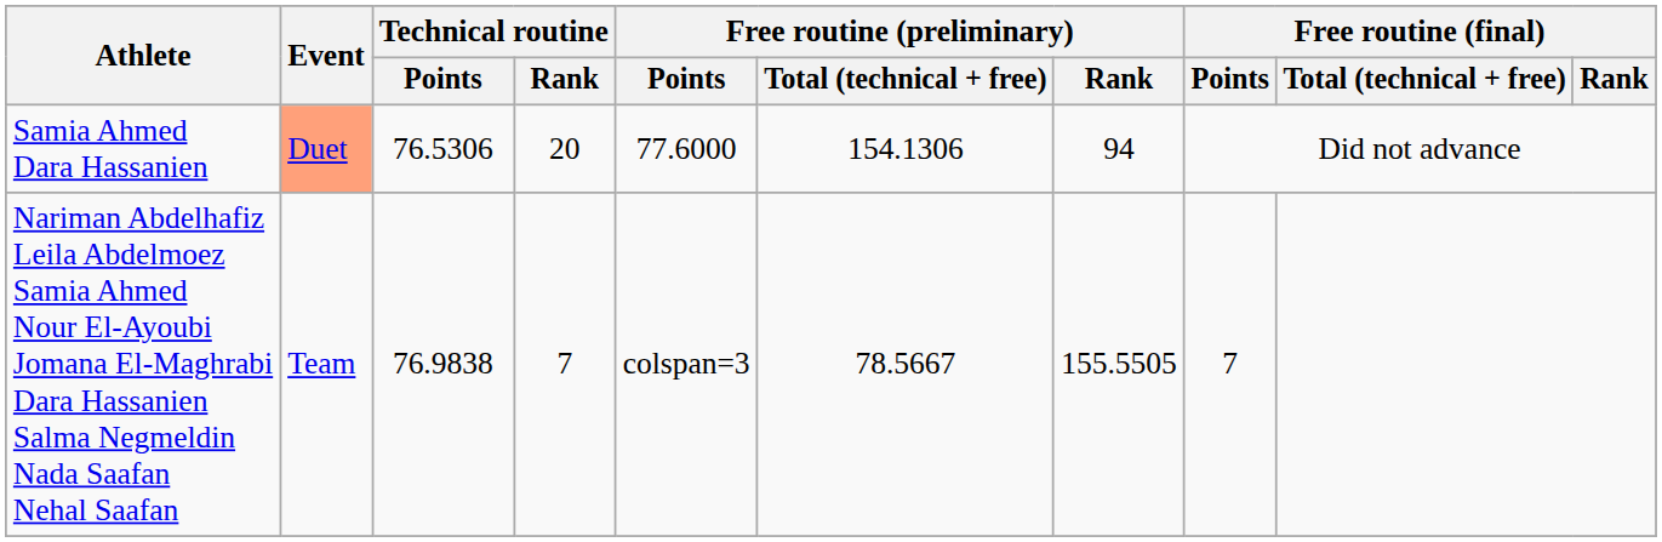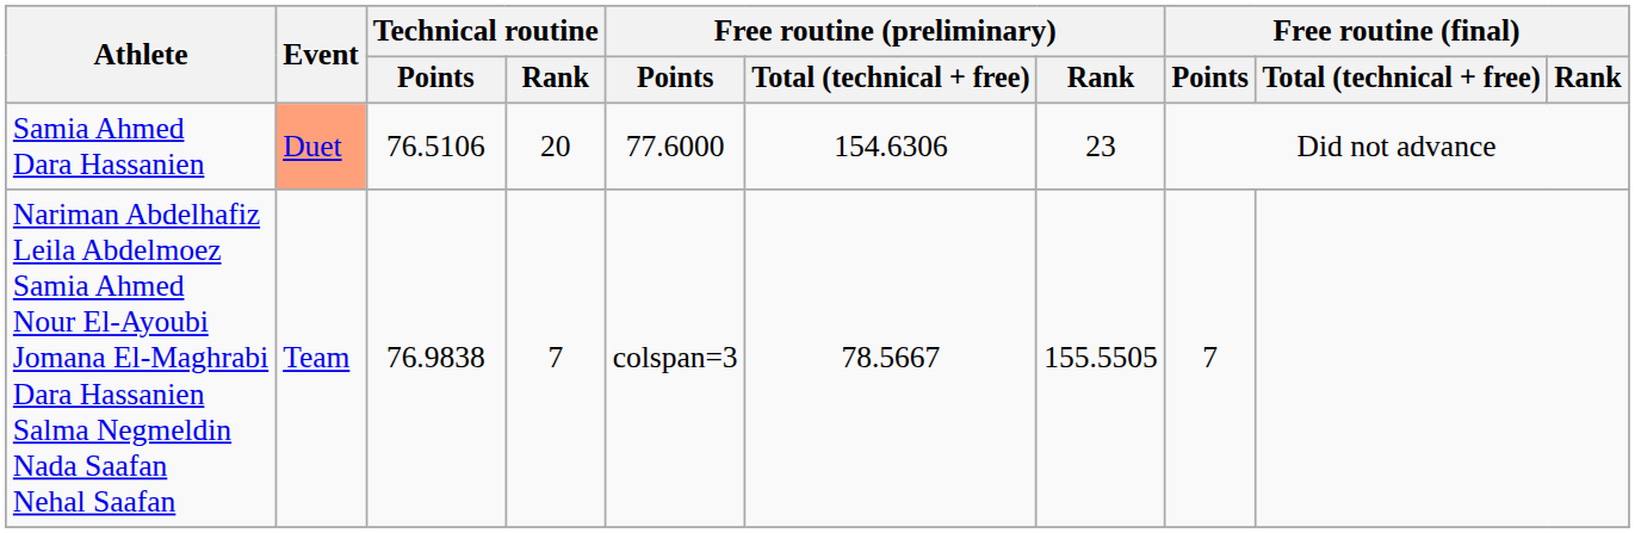 <table class="wikitable" style="font-size:90%">
 <tr>
 <th rowspan="2">Athlete</th>
 <th rowspan="2">Event</th>
 <th colspan=2>Technical routine</th>
 <th colspan=3>Free routine (preliminary)</th>
 <th colspan=3>Free routine (final)</th>
 </tr>
 <tr style="font-size:95%">
 <th>Points</th>
 <th>Rank</th>
 <th>Points</th>
 <th>Total (technical + free)</th>
 <th>Rank</th>
 <th>Points</th>
 <th>Total (technical + free)</th>
 <th>Rank</th>
 </tr>
 <tr align=center>
 <td align=left><a href='#'>Samia Ahmed</a><br><a href='#'>Dara Hassanien</a></td>
 <td align=left style="background: lightsalmon;"><a href='#'>Duet</a></td>
-<td>76.5306</td>
+<td>76.5106</td>
 <td>20</td>
 <td>77.6000</td>
-<td>154.1306</td>
-<td>94</td>
+<td>154.6306</td>
+<td>23</td>
 <td colspan=3>Did not advance</td>
 </tr>
 <tr align=center>
 <td align=left><a href='#'>Nariman Abdelhafiz</a><br><a href='#'>Leila Abdelmoez</a><br><a href='#'>Samia Ahmed</a><br><a href='#'>Nour El-Ayoubi</a><br><a href='#'>Jomana El-Maghrabi</a><br><a href='#'>Dara Hassanien</a><br><a href='#'>Salma Negmeldin</a><br><a href='#'>Nada Saafan</a><br><a href='#'>Nehal Saafan</a></td>
 <td align=left><a href='#'>Team</a></td>
 <td>76.9838</td>
 <td>7</td>
 <td>colspan=3 </td>
 <td>78.5667</td>
 <td>155.5505</td>
 <td>7</td>
 </tr>
 </table>
